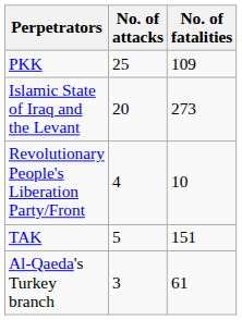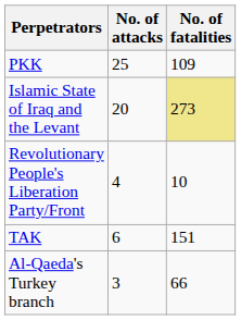 <table class="wikitable sortable" style="display:inline-table;">
 <tr>
 <th width=90>Perpetrators</th>
 <th>No. of<br>attacks</th>
 <th>No. of<br>fatalities</th>
 </tr>
 <tr>
 <td><a href='#'>PKK</a></td>
 <td>25</td>
 <td>109</td>
 </tr>
 <tr>
 <td><a href='#'>Islamic State of Iraq and the Levant</a></td>
 <td>20</td>
-<td>273</td>
+<td style="background: khaki;">273</td>
 </tr>
 <tr>
 <td><a href='#'>Revolutionary People's Liberation Party/Front</a></td>
 <td>4</td>
 <td>10</td>
 </tr>
 <tr>
 <td><a href='#'>TAK</a></td>
-<td>5</td>
+<td>6</td>
 <td>151</td>
 </tr>
 <tr>
 <td><a href='#'>Al-Qaeda</a>'s Turkey branch</td>
 <td>3</td>
-<td>61</td>
+<td>66</td>
 </tr>
 </table>
